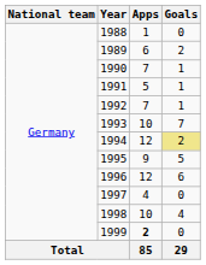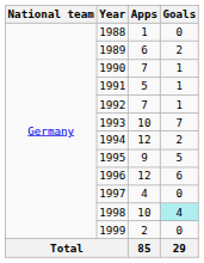 <table class="wikitable" style="text-align:center">
 <tr>
 <th>National team</th>
 <th>Year</th>
 <th>Apps</th>
 <th>Goals</th>
 </tr>
 <tr>
 <td rowspan="12"><a href='#'>Germany</a></td>
 <td>1988</td>
 <td>1</td>
 <td>0</td>
 </tr>
 <tr>
 <td>1989</td>
 <td>6</td>
 <td>2</td>
 </tr>
 <tr>
 <td>1990</td>
 <td>7</td>
 <td>1</td>
 </tr>
 <tr>
 <td>1991</td>
 <td>5</td>
 <td>1</td>
 </tr>
 <tr>
 <td>1992</td>
 <td>7</td>
 <td>1</td>
 </tr>
 <tr>
 <td>1993</td>
 <td>10</td>
 <td>7</td>
 </tr>
 <tr>
 <td>1994</td>
 <td>12</td>
-<td style="background: khaki;">2</td>
+<td>2</td>
 </tr>
 <tr>
 <td>1995</td>
 <td>9</td>
 <td>5</td>
 </tr>
 <tr>
 <td>1996</td>
 <td>12</td>
 <td>6</td>
 </tr>
 <tr>
 <td>1997</td>
 <td>4</td>
 <td>0</td>
 </tr>
 <tr>
 <td>1998</td>
 <td>10</td>
-<td>4</td>
+<td style="background: paleturquoise;">4</td>
 </tr>
 <tr>
 <td>1999</td>
-<td><strong>2</strong></td>
+<td>2</td>
 <td>0</td>
 </tr>
 <tr>
 <th colspan="2">Total</th>
 <th>85</th>
 <th>29</th>
 </tr>
 </table>
